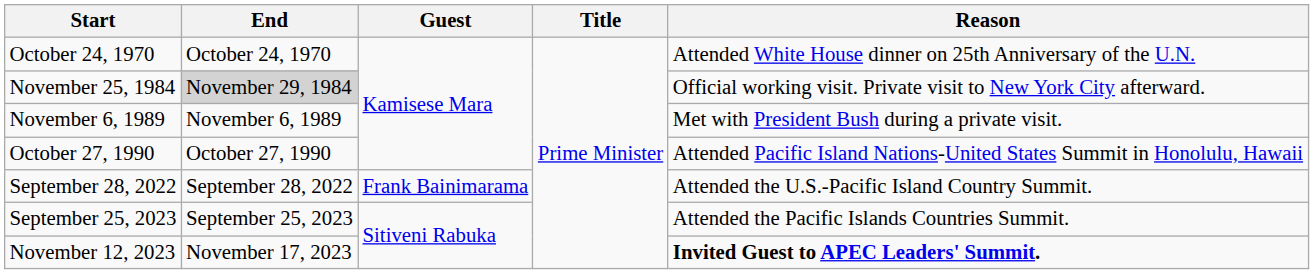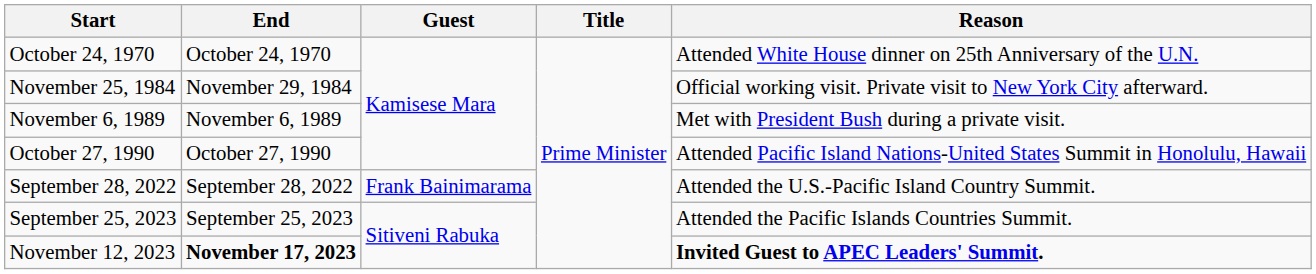 <table class="wikitable sortable">
 <tr>
 <th>Start</th>
 <th>End</th>
 <th>Guest</th>
 <th>Title</th>
 <th>Reason</th>
 </tr>
 <tr>
 <td>October 24, 1970</td>
 <td>October 24, 1970</td>
 <td rowspan=4><a href='#'>Kamisese Mara</a></td>
 <td rowspan=7><a href='#'>Prime Minister</a></td>
 <td>Attended <a href='#'>White House</a> dinner on 25th Anniversary of the <a href='#'>U.N.</a></td>
 </tr>
 <tr>
 <td>November 25, 1984</td>
-<td style="background: lightgrey;">November 29, 1984</td>
+<td>November 29, 1984</td>
 <td>Official working visit. Private visit to <a href='#'>New York City</a> afterward.</td>
 </tr>
 <tr>
 <td>November 6, 1989</td>
 <td>November 6, 1989</td>
 <td>Met with <a href='#'>President Bush</a> during a private visit.</td>
 </tr>
 <tr>
 <td>October 27, 1990</td>
 <td>October 27, 1990</td>
 <td>Attended <a href='#'>Pacific Island Nations</a>-<a href='#'>United States</a> Summit in <a href='#'>Honolulu, Hawaii</a></td>
 </tr>
 <tr>
 <td>September 28, 2022</td>
 <td>September 28, 2022</td>
 <td><a href='#'>Frank Bainimarama</a></td>
 <td>Attended the U.S.-Pacific Island Country Summit.</td>
 </tr>
 <tr>
 <td>September 25, 2023</td>
 <td>September 25, 2023</td>
 <td rowspan=2><a href='#'>Sitiveni Rabuka</a></td>
 <td>Attended the Pacific Islands Countries Summit.</td>
 </tr>
 <tr>
 <td>November 12, 2023</td>
-<td>November 17, 2023</td>
+<td><strong>November 17, 2023</strong></td>
 <td><strong>Invited Guest to <a href='#'>APEC Leaders' Summit</a>.</strong></td>
 </tr>
 </table>
